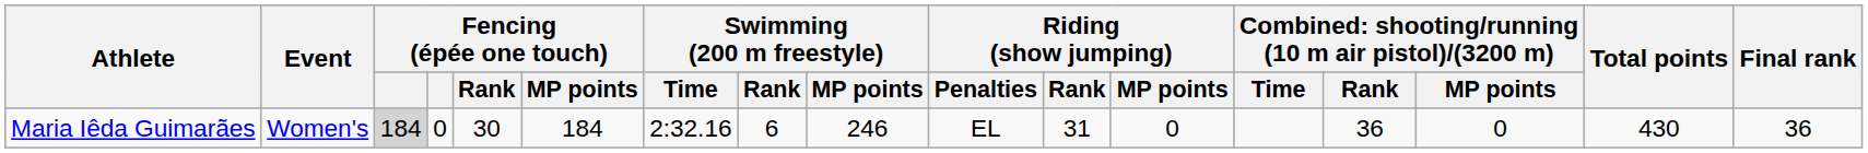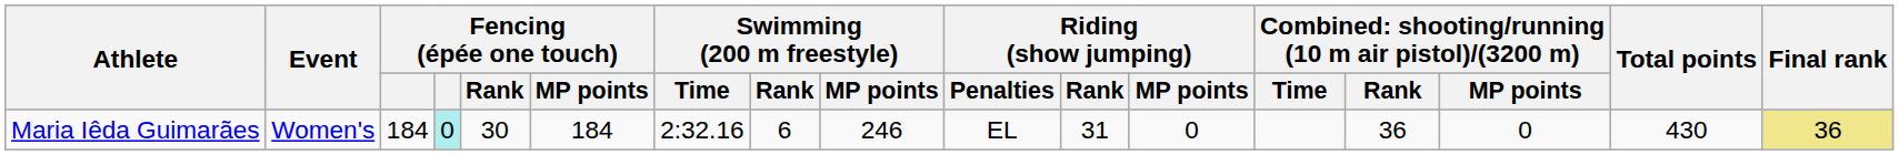 <table class="wikitable" style="font-size:90%">
 <tr>
 <th rowspan="2">Athlete</th>
 <th rowspan="2">Event</th>
 <th colspan=4>Fencing<br><span>(épée one touch)</span></th>
 <th colspan=3>Swimming<br><span>(200 m freestyle)</span></th>
 <th colspan=3>Riding<br><span>(show jumping)</span></th>
 <th colspan=3>Combined: shooting/running<br><span>(10 m air pistol)/(3200 m)</span></th>
 <th rowspan=2>Total points</th>
 <th rowspan=2>Final rank</th>
 </tr>
 <tr style="font-size:95%">
 <th></th>
 <th></th>
 <th>Rank</th>
 <th>MP points</th>
 <th>Time</th>
 <th>Rank</th>
 <th>MP points</th>
 <th>Penalties</th>
 <th>Rank</th>
 <th>MP points</th>
 <th>Time</th>
 <th>Rank</th>
 <th>MP points</th>
 </tr>
 <tr align=center>
 <td align=left><a href='#'>Maria Iêda Guimarães</a></td>
 <td align=left><a href='#'>Women's</a></td>
-<td style="background: lightgrey;">184</td>
-<td>0</td>
+<td>184</td>
+<td style="background: paleturquoise;">0</td>
 <td>30</td>
 <td>184</td>
 <td>2:32.16</td>
 <td>6</td>
 <td>246</td>
 <td>EL</td>
 <td>31</td>
 <td>0</td>
 <td></td>
 <td>36</td>
 <td>0</td>
 <td>430</td>
-<td>36</td>
+<td style="background: khaki;">36</td>
 </tr>
 </table>
